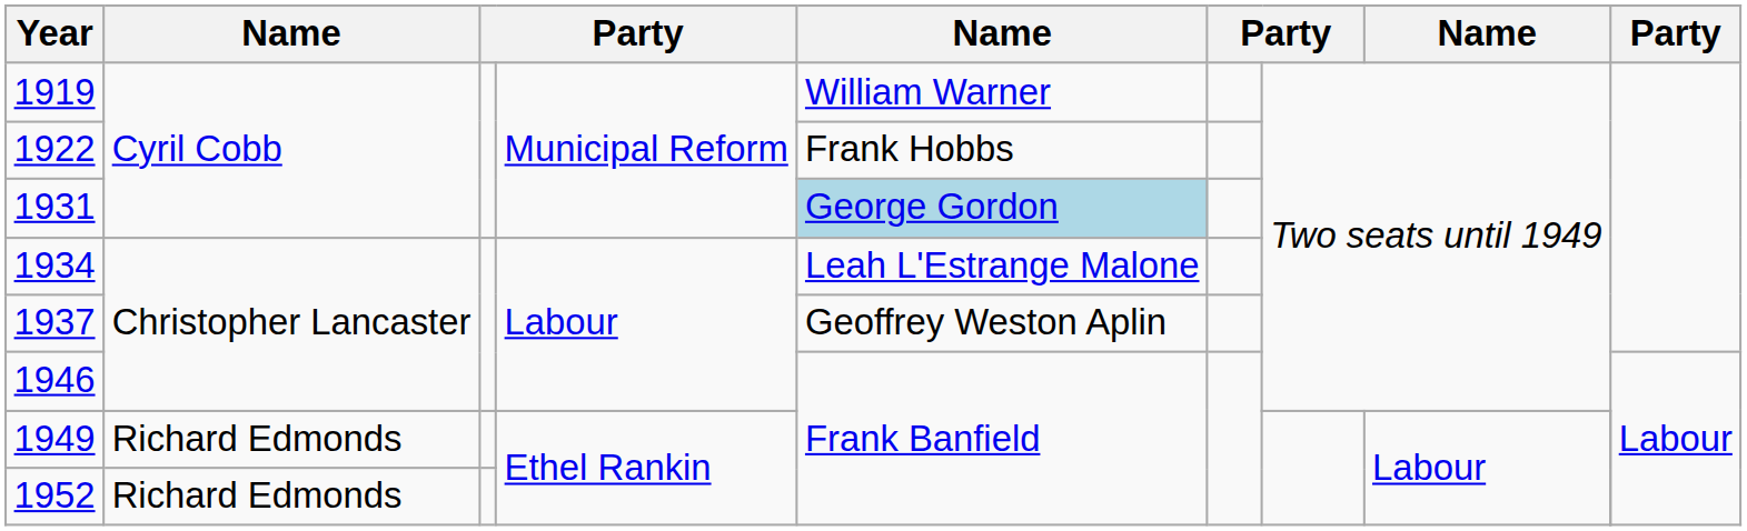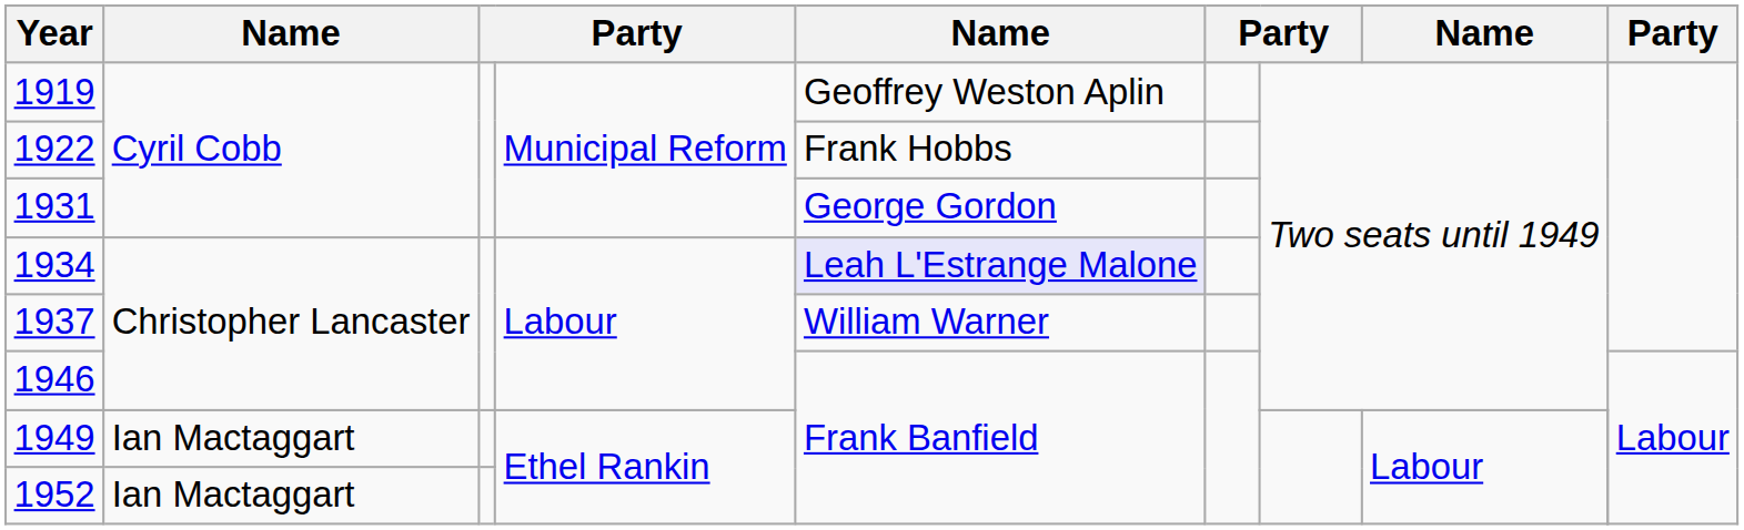 <table class="wikitable">
 <tr>
 <th>Year</th>
 <th>Name</th>
 <th colspan=2>Party</th>
 <th>Name</th>
 <th colspan=2>Party</th>
 <th>Name</th>
 <th colspan=2>Party</th>
 </tr>
 <tr>
 <td><a href='#'>1919</a></td>
 <td rowspan=3><a href='#'>Cyril Cobb</a></td>
 <td rowspan=3 style="background-color: "></td>
 <td rowspan=3><a href='#'>Municipal Reform</a></td>
-<td><a href='#'>William Warner</a></td>
+<td>Geoffrey Weston Aplin</td>
 <td></td>
 <td rowspan=6 colspan=3 align="center"><em>Two seats until 1949</em></td>
 </tr>
 <tr>
 <td><a href='#'>1922</a></td>
 <td>Frank Hobbs</td>
 <td></td>
 </tr>
 <tr>
 <td><a href='#'>1931</a></td>
-<td style="background: lightblue;"><a href='#'>George Gordon</a></td>
+<td><a href='#'>George Gordon</a></td>
 <td></td>
 </tr>
 <tr>
 <td><a href='#'>1934</a></td>
 <td rowspan=3>Christopher Lancaster</td>
 <td rowspan=3 style="background-color: "></td>
 <td rowspan=3><a href='#'>Labour</a></td>
-<td><a href='#'>Leah L'Estrange Malone</a></td>
+<td style="background: lavender;"><a href='#'>Leah L'Estrange Malone</a></td>
 <td></td>
 </tr>
 <tr>
 <td><a href='#'>1937</a></td>
-<td>Geoffrey Weston Aplin</td>
+<td><a href='#'>William Warner</a></td>
 <td></td>
 </tr>
 <tr>
 <td><a href='#'>1946</a></td>
 <td rowspan=3><a href='#'>Frank Banfield</a></td>
 <td rowspan=3 style="background-color: "></td>
 <td rowspan=3><a href='#'>Labour</a></td>
 </tr>
 <tr>
 <td><a href='#'>1949</a></td>
-<td>Richard Edmonds</td>
+<td>Ian Mactaggart</td>
 <td></td>
 <td rowspan=2><a href='#'>Ethel Rankin</a></td>
 <td rowspan=2 style="background-color: "></td>
 <td rowspan=2><a href='#'>Labour</a></td>
 </tr>
 <tr>
 <td><a href='#'>1952</a></td>
-<td>Richard Edmonds</td>
+<td>Ian Mactaggart</td>
 <td></td>
 </tr>
 </table>
